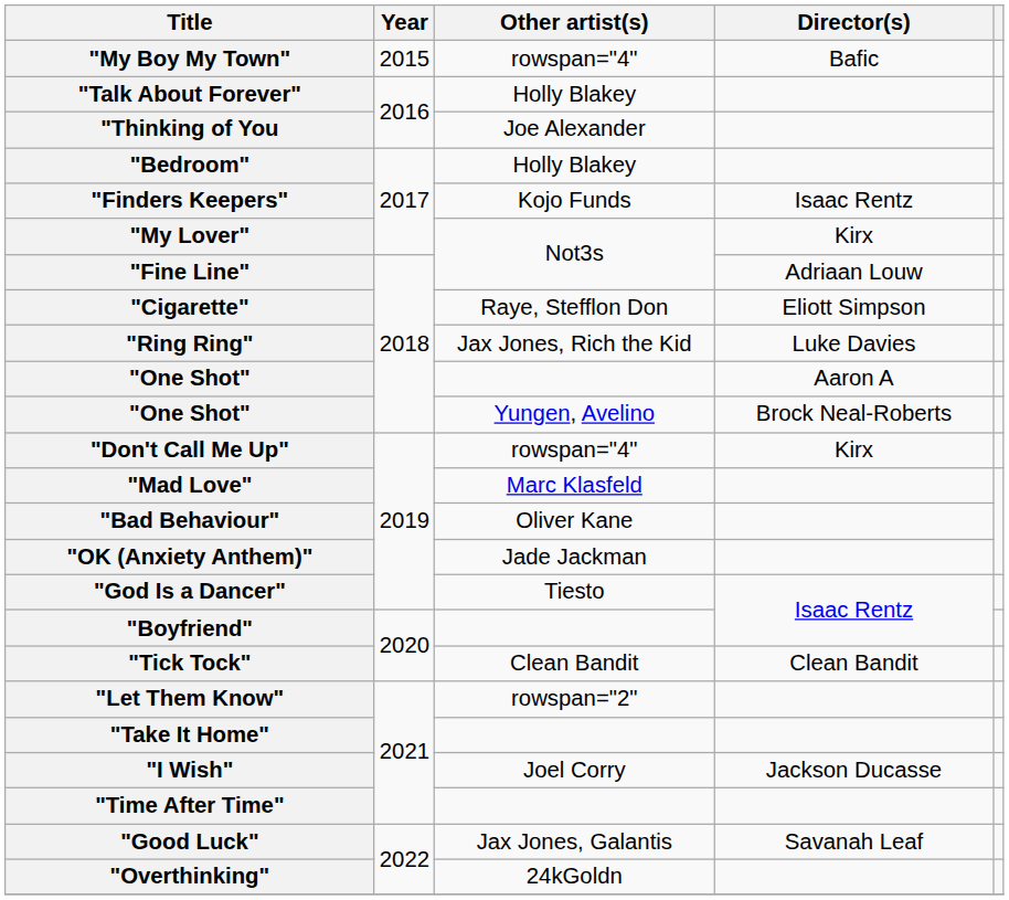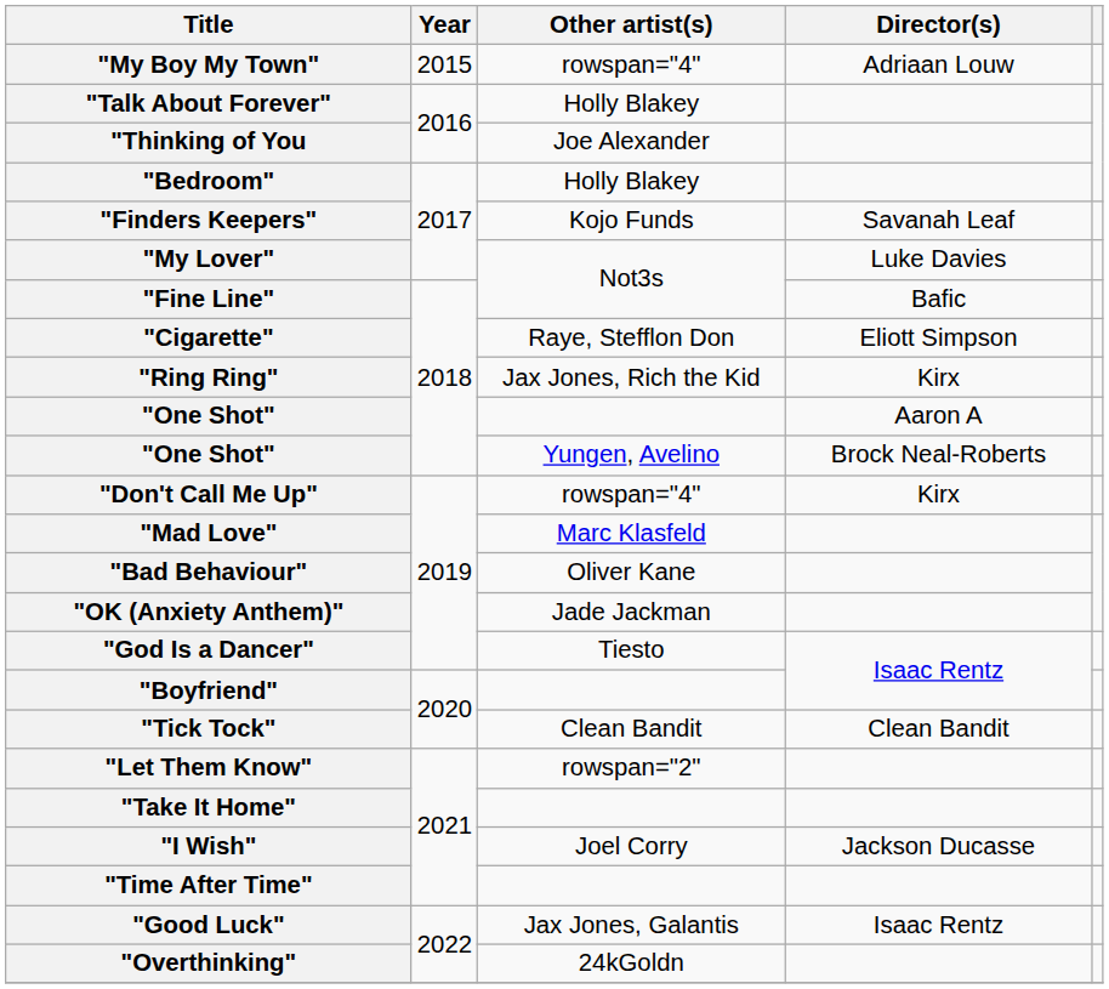 <table class="wikitable plainrowheaders" style="text-align:center;">
 <tr>
 <th scope="col" style="width:16em;">Title</th>
 <th scope="col" style="width:1em;">Year</th>
 <th scope="col" style="width:12em;">Other artist(s)</th>
 <th scope="col" style="width:12em;">Director(s)</th>
 <th scope="col"></th>
 </tr>
 <tr>
 <th scope="row">"My Boy My Town"</th>
 <td>2015</td>
 <td>rowspan="4" </td>
-<td>Bafic</td>
+<td>Adriaan Louw</td>
 <td></td>
 </tr>
 <tr>
 <th scope="row">"Talk About Forever"</th>
 <td rowspan="2">2016</td>
 <td>Holly Blakey</td>
 <td></td>
 </tr>
 <tr>
 <th scope="row">"Thinking of You</th>
 <td>Joe Alexander</td>
 <td></td>
 </tr>
 <tr>
 <th scope="row">"Bedroom"</th>
 <td rowspan="3">2017</td>
 <td>Holly Blakey</td>
 <td></td>
 </tr>
 <tr>
 <th scope="row">"Finders Keepers"</th>
 <td>Kojo Funds</td>
-<td>Isaac Rentz</td>
+<td>Savanah Leaf</td>
 <td></td>
 </tr>
 <tr>
 <th scope="row">"My Lover"</th>
 <td rowspan="2">Not3s</td>
-<td>Kirx</td>
+<td>Luke Davies</td>
 <td></td>
 </tr>
 <tr>
 <th scope="row">"Fine Line"</th>
 <td rowspan="5">2018</td>
-<td>Adriaan Louw</td>
+<td>Bafic</td>
 <td></td>
 </tr>
 <tr>
 <th scope="row">"Cigarette"</th>
 <td>Raye, Stefflon Don</td>
 <td>Eliott Simpson</td>
 <td></td>
 </tr>
 <tr>
 <th scope="row">"Ring Ring"</th>
 <td>Jax Jones, Rich the Kid</td>
-<td>Luke Davies</td>
+<td>Kirx</td>
 <td></td>
 </tr>
 <tr>
 <th scope="row">"One Shot"</th>
 <td></td>
 <td>Aaron A</td>
 <td></td>
 </tr>
 <tr>
 <th scope="row">"One Shot" </th>
 <td><a href='#'>Yungen</a>, <a href='#'>Avelino</a></td>
 <td>Brock Neal-Roberts</td>
 <td></td>
 </tr>
 <tr>
 <th scope="row">"Don't Call Me Up"</th>
 <td rowspan="5">2019</td>
 <td>rowspan="4" </td>
 <td>Kirx</td>
 <td></td>
 </tr>
 <tr>
 <th scope="row">"Mad Love"</th>
 <td><a href='#'>Marc Klasfeld</a></td>
 <td></td>
 </tr>
 <tr>
 <th scope="row">"Bad Behaviour"</th>
 <td>Oliver Kane</td>
 <td></td>
 </tr>
 <tr>
 <th scope="row">"OK (Anxiety Anthem)"</th>
 <td>Jade Jackman</td>
 <td></td>
 </tr>
 <tr>
 <th scope="row">"God Is a Dancer"</th>
 <td>Tiesto</td>
 <td rowspan="2"><a href='#'>Isaac Rentz</a></td>
 <td></td>
 </tr>
 <tr>
 <th scope="row">"Boyfriend"</th>
 <td rowspan="2">2020</td>
 <td></td>
 <td></td>
 </tr>
 <tr>
 <th scope="row">"Tick Tock"</th>
 <td>Clean Bandit</td>
 <td>Clean Bandit</td>
 <td></td>
 </tr>
 <tr>
 <th scope="row">"Let Them Know"</th>
 <td rowspan="4">2021</td>
 <td>rowspan="2" </td>
 <td></td>
 <td></td>
 </tr>
 <tr>
 <th scope="row">"Take It Home"</th>
 <td></td>
 <td></td>
 </tr>
 <tr>
 <th scope="row">"I Wish"</th>
 <td>Joel Corry</td>
 <td>Jackson Ducasse</td>
 <td></td>
 </tr>
 <tr>
 <th scope="row">"Time After Time"</th>
 <td></td>
 <td></td>
 <td></td>
 </tr>
 <tr>
 <th scope="row">"Good Luck"</th>
 <td rowspan="2">2022</td>
 <td>Jax Jones, Galantis</td>
-<td>Savanah Leaf</td>
+<td>Isaac Rentz</td>
 <td></td>
 </tr>
 <tr>
 <th scope="row">"Overthinking"</th>
 <td>24kGoldn</td>
 <td></td>
 <td></td>
 </tr>
 <tr>
 </tr>
 </table>
